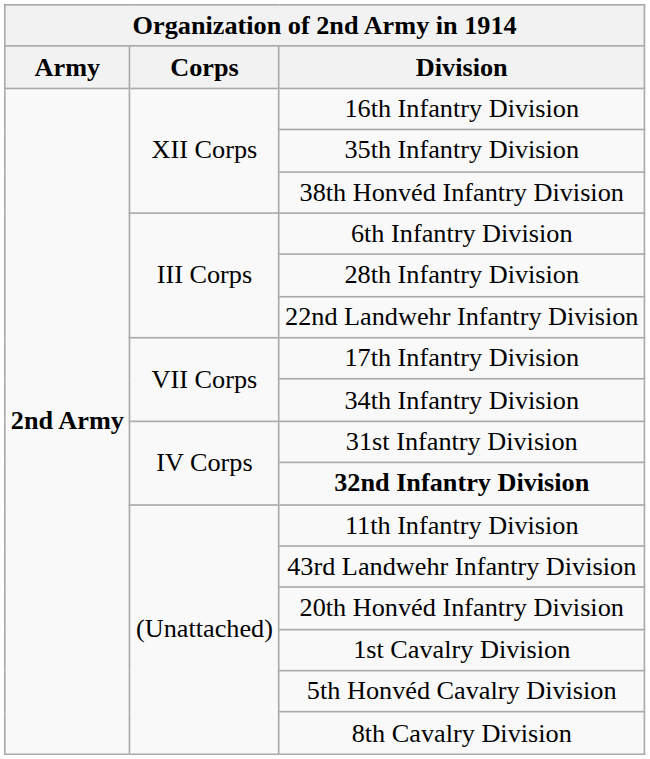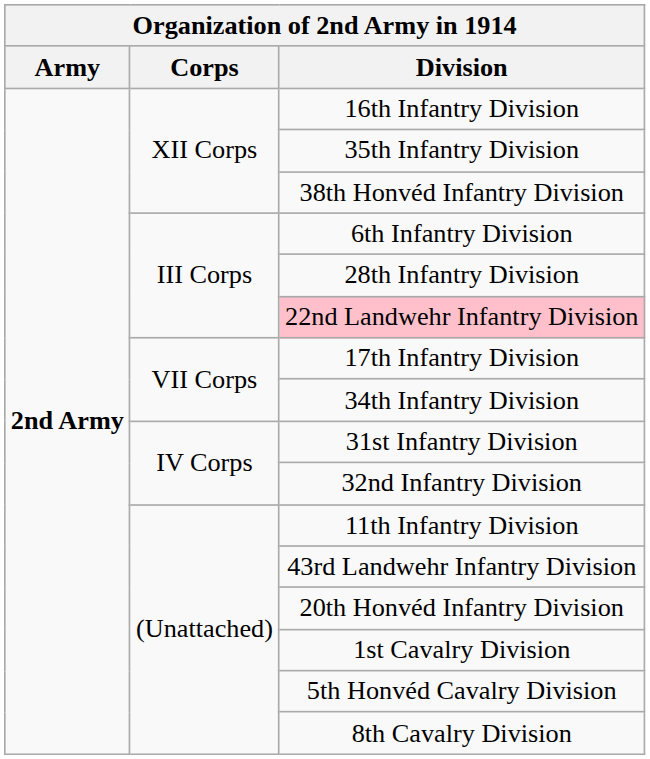 <table class="wikitable" style="text-align:center;">
 <tr>
 <th colspan="3">Organization of 2nd Army in 1914</th>
 </tr>
 <tr>
 <th>Army</th>
 <th>Corps</th>
 <th>Division</th>
 </tr>
 <tr>
 <td ROWSPAN=16><strong>2nd Army</strong></td>
 <td ROWSPAN=3>XII Corps</td>
 <td>16th Infantry Division</td>
 </tr>
 <tr>
 <td>35th Infantry Division</td>
 </tr>
 <tr>
 <td>38th Honvéd Infantry Division</td>
 </tr>
 <tr>
 <td ROWSPAN=3>III Corps</td>
 <td>6th Infantry Division</td>
 </tr>
 <tr>
 <td>28th Infantry Division</td>
 </tr>
 <tr>
-<td>22nd Landwehr Infantry Division</td>
+<td style="background: pink;">22nd Landwehr Infantry Division</td>
 </tr>
 <tr>
 <td ROWSPAN=2>VII Corps</td>
 <td>17th Infantry Division</td>
 </tr>
 <tr>
 <td>34th Infantry Division</td>
 </tr>
 <tr>
 <td ROWSPAN=2>IV Corps</td>
 <td>31st Infantry Division</td>
 </tr>
 <tr>
-<td><strong>32nd Infantry Division</strong></td>
+<td>32nd Infantry Division</td>
 </tr>
 <tr>
 <td ROWSPAN=6>(Unattached)</td>
 <td>11th Infantry Division</td>
 </tr>
 <tr>
 <td>43rd Landwehr Infantry Division</td>
 </tr>
 <tr>
 <td>20th Honvéd Infantry Division</td>
 </tr>
 <tr>
 <td>1st Cavalry Division</td>
 </tr>
 <tr>
 <td>5th Honvéd Cavalry Division</td>
 </tr>
 <tr>
 <td>8th Cavalry Division</td>
 </tr>
 </table>
